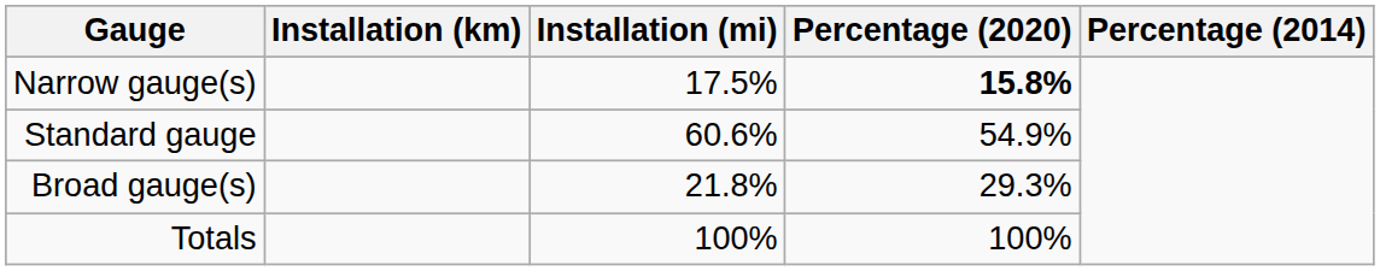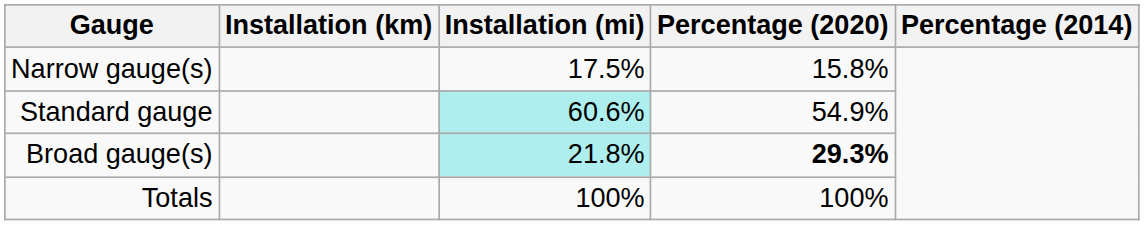 <table class="wikitable sortable" style="text-align:right">
 <tr>
 <th scope="col">Gauge</th>
 <th scope="col">Installation (km)</th>
 <th scope="col" class="unsortable">Installation (mi)</th>
 <th scope="col">Percentage (2020)</th>
 <th scope="col">Percentage (2014)</th>
 </tr>
 <tr>
 <td>Narrow gauge(s)</td>
 <td> </td>
 <td>17.5%</td>
-<td><strong>15.8%</strong></td>
+<td>15.8%</td>
 </tr>
 <tr>
 <td>Standard gauge</td>
 <td> </td>
-<td>60.6%</td>
+<td style="background: paleturquoise;">60.6%</td>
 <td>54.9%</td>
 </tr>
 <tr>
 <td>Broad gauge(s)</td>
 <td> </td>
-<td>21.8%</td>
-<td>29.3%</td>
+<td style="background: paleturquoise;">21.8%</td>
+<td><strong>29.3%</strong></td>
 </tr>
 <tr class="sortbottom">
 <td>Totals</td>
 <td></td>
 <td>100%</td>
 <td>100%</td>
 </tr>
 </table>
